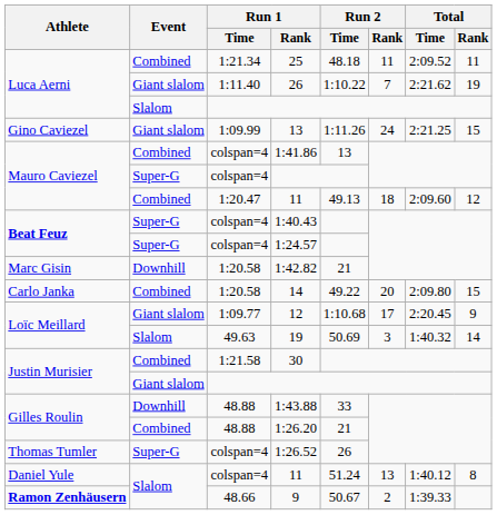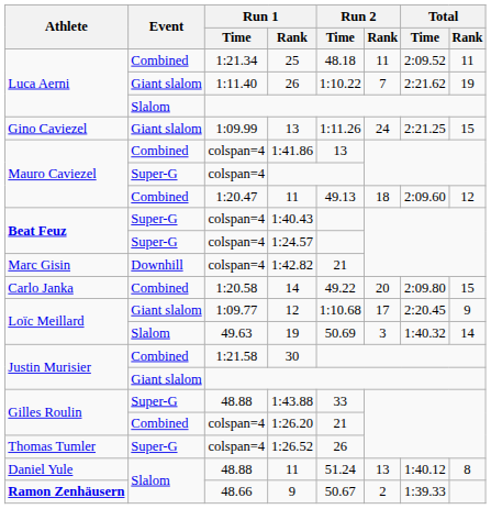 <table class="wikitable" style="font-size:90%">
 <tr>
 <th rowspan=2>Athlete</th>
 <th rowspan=2>Event</th>
 <th colspan=2>Run 1</th>
 <th colspan=2>Run 2</th>
 <th colspan=2>Total</th>
 </tr>
 <tr style="font-size:95%">
 <th>Time</th>
 <th>Rank</th>
 <th>Time</th>
 <th>Rank</th>
 <th>Time</th>
 <th>Rank</th>
 </tr>
 <tr align=center>
 <td align=left rowspan=3><a href='#'>Luca Aerni</a></td>
 <td align=left><a href='#'>Combined</a></td>
 <td>1:21.34</td>
 <td>25</td>
 <td>48.18</td>
 <td>11</td>
 <td>2:09.52</td>
 <td>11</td>
 </tr>
 <tr align=center>
 <td align=left><a href='#'>Giant slalom</a></td>
 <td>1:11.40</td>
 <td>26</td>
 <td>1:10.22</td>
 <td>7</td>
 <td>2:21.62</td>
 <td>19</td>
 </tr>
 <tr align=center>
 <td align=left><a href='#'>Slalom</a></td>
 <td colspan=6></td>
 </tr>
 <tr align=center>
 <td align=left><a href='#'>Gino Caviezel</a></td>
 <td align=left><a href='#'>Giant slalom</a></td>
 <td>1:09.99</td>
 <td>13</td>
 <td>1:11.26</td>
 <td>24</td>
 <td>2:21.25</td>
 <td>15</td>
 </tr>
 <tr align=center>
 <td align=left rowspan=3><a href='#'>Mauro Caviezel</a></td>
 <td align=left><a href='#'>Combined</a></td>
 <td>colspan=4 </td>
 <td>1:41.86</td>
 <td>13</td>
 </tr>
 <tr align=center>
 <td align=left><a href='#'>Super-G</a></td>
 <td>colspan=4 </td>
 <td colspan=2></td>
 </tr>
 <tr align=center>
 <td align=left><a href='#'>Combined</a></td>
 <td>1:20.47</td>
 <td>11</td>
 <td>49.13</td>
 <td>18</td>
 <td>2:09.60</td>
 <td>12</td>
 </tr>
 <tr align=center>
 <td align=left rowspan=2><strong><a href='#'>Beat Feuz</a></strong></td>
 <td align=left><a href='#'>Super-G</a></td>
 <td>colspan=4 </td>
 <td>1:40.43</td>
 <td></td>
 </tr>
 <tr align=center>
 <td align=left><a href='#'>Super-G</a></td>
 <td>colspan=4 </td>
 <td>1:24.57</td>
 <td></td>
 </tr>
 <tr align=center>
 <td align=left><a href='#'>Marc Gisin</a></td>
 <td align=left><a href='#'>Downhill</a></td>
-<td>1:20.58</td>
+<td>colspan=4 </td>
 <td>1:42.82</td>
 <td>21</td>
 </tr>
 <tr align=center>
 <td align=left><a href='#'>Carlo Janka</a></td>
 <td align=left><a href='#'>Combined</a></td>
 <td>1:20.58</td>
 <td>14</td>
 <td>49.22</td>
 <td>20</td>
 <td>2:09.80</td>
 <td>15</td>
 </tr>
 <tr align=center>
 <td align=left rowspan=2><a href='#'>Loïc Meillard</a></td>
 <td align=left><a href='#'>Giant slalom</a></td>
 <td>1:09.77</td>
 <td>12</td>
 <td>1:10.68</td>
 <td>17</td>
 <td>2:20.45</td>
 <td>9</td>
 </tr>
 <tr align=center>
 <td align=left><a href='#'>Slalom</a></td>
 <td>49.63</td>
 <td>19</td>
 <td>50.69</td>
 <td>3</td>
 <td>1:40.32</td>
 <td>14</td>
 </tr>
 <tr align=center>
 <td align=left rowspan=2><a href='#'>Justin Murisier</a></td>
 <td align=left><a href='#'>Combined</a></td>
 <td>1:21.58</td>
 <td>30</td>
 <td colspan=4></td>
 </tr>
 <tr align=center>
 <td align=left><a href='#'>Giant slalom</a></td>
 <td colspan=6></td>
 </tr>
 <tr align=center>
 <td align=left rowspan=2><a href='#'>Gilles Roulin</a></td>
-<td align=left><a href='#'>Downhill</a></td>
+<td align=left><a href='#'>Super-G</a></td>
 <td>48.88</td>
 <td>1:43.88</td>
 <td>33</td>
 </tr>
 <tr align=center>
 <td align=left><a href='#'>Combined</a></td>
-<td>48.88</td>
+<td>colspan=4 </td>
 <td>1:26.20</td>
 <td>21</td>
 </tr>
 <tr align=center>
 <td align=left><a href='#'>Thomas Tumler</a></td>
 <td align=left><a href='#'>Super-G</a></td>
 <td>colspan=4 </td>
 <td>1:26.52</td>
 <td>26</td>
 </tr>
 <tr align=center>
 <td align=left><a href='#'>Daniel Yule</a></td>
 <td align=left rowspan=2><a href='#'>Slalom</a></td>
-<td>colspan=4 </td>
+<td>48.88</td>
 <td>11</td>
 <td>51.24</td>
 <td>13</td>
 <td>1:40.12</td>
 <td>8</td>
 </tr>
 <tr align=center>
 <td align=left><strong><a href='#'>Ramon Zenhäusern</a></strong></td>
 <td>48.66</td>
 <td>9</td>
 <td>50.67</td>
 <td>2</td>
 <td>1:39.33</td>
 <td></td>
 </tr>
 </table>
